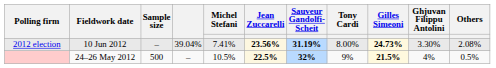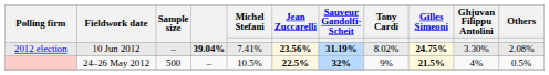 <table class="wikitable sortable" style="text-align:center;font-size:90%;line-height:14px;">
 <tr style="height:40px;">
 <th style="width:100px;" rowspan="2">Polling firm</th>
 <th style="width:110px;" rowspan="2">Fieldwork date</th>
 <th style="width:35px;" rowspan="2">Sample<br>size</th>
 <th style="width:30px;" rowspan="2"></th>
 <th class="unsortable" style="width:60px;">Michel Stefani<br></th>
 <th class="unsortable" style="width:60px;"><a href='#'>Jean Zuccarelli</a><br></th>
 <th class="unsortable" style="width:60px;"><a href='#'>Sauveur Gandolfi-Scheit</a><br></th>
 <th class="unsortable" style="width:60px;">Tony Cardi<br></th>
 <th class="unsortable" style="width:60px;"><a href='#'>Gilles Simeoni</a><br></th>
 <th class="unsortable" style="width:60px;">Ghjuvan Filippu Antolini<br></th>
 <th class="unsortable" style="width:60px;">Others</th>
 </tr>
 <tr>
 <th style="background:"></th>
 <th style="background:"></th>
 <th style="background:"></th>
 <th style="background:"></th>
 <th style="background:"></th>
 <th style="background:"></th>
 <th style="background:"></th>
 </tr>
 <tr style="background:#E9E9E9;">
 <td><a href='#'>2012 election</a></td>
 <td data-sort-value="2012-06-10">10 Jun 2012</td>
 <td>–</td>
-<td>39.04%</td>
+<td><strong>39.04%</strong></td>
 <td>7.41%</td>
 <td style="background:#FDF7E0;"><strong>23.56%</strong></td>
 <td style="background:#B9DAFF;"><strong>31.19%</strong></td>
-<td>8.00%</td>
-<td style="background:#FFF9DE;"><strong>24.73%</strong></td>
+<td>8.02%</td>
+<td style="background:#FFF9DE;"><strong>24.75%</strong></td>
 <td>3.30%</td>
 <td>2.08%</td>
 </tr>
 <tr>
 <td style="background:#FFCCCC;"></td>
 <td data-sort-value="2012-05-26">24–26 May 2012</td>
 <td>500</td>
 <td>–</td>
 <td>10.5%</td>
 <td style="background:#FDF7E0;"><strong>22.5%</strong></td>
 <td style="background:#B9DAFF;"><strong>32%</strong></td>
 <td>9%</td>
 <td style="background:#FFF9DE;"><strong>21.5%</strong></td>
 <td>4%</td>
 <td>0.5%</td>
 </tr>
 </table>
